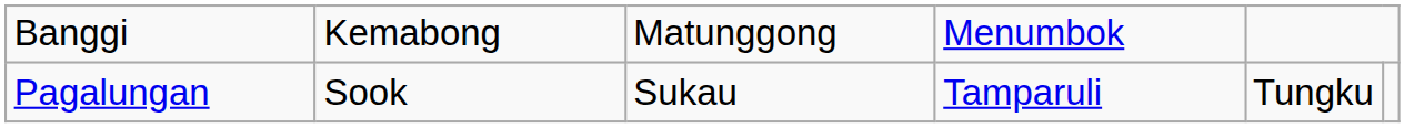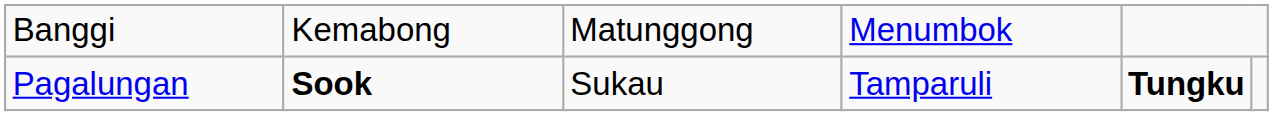 <table class="wikitable">
 <tr>
 <td style="width: 8em">Banggi</td>
 <td style="width: 8em">Kemabong</td>
 <td style="width: 8em">Matunggong</td>
 <td style="width: 8em"><a href='#'>Menumbok</a></td>
 </tr>
 <tr>
 <td><a href='#'>Pagalungan</a></td>
-<td Sook, Sabah>Sook</td>
+<td Sook, Sabah><strong>Sook</strong></td>
 <td>Sukau</td>
 <td><a href='#'>Tamparuli</a></td>
-<td>Tungku</td>
+<td><strong>Tungku</strong></td>
 <td></td>
 </tr>
 </table>
